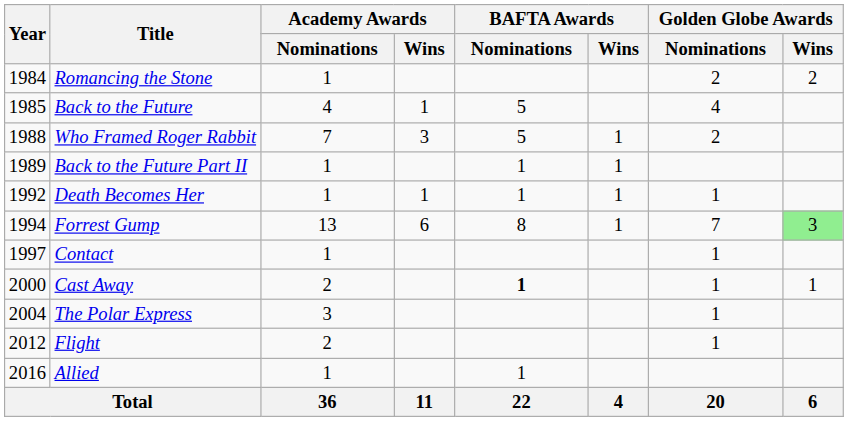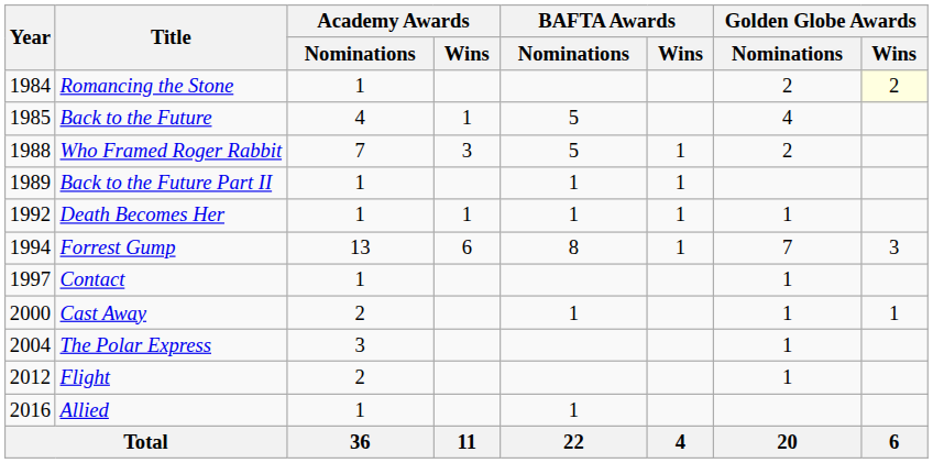 <table class="wikitable">
 <tr>
 <th rowspan="2">Year</th>
 <th rowspan="2">Title</th>
 <th colspan="2" style="text-align:center;" width=160>Academy Awards</th>
 <th colspan="2" style="text-align:center;" width=160>BAFTA Awards</th>
 <th colspan="2" style="text-align:center;" width=160>Golden Globe Awards</th>
 </tr>
 <tr>
 <th>Nominations</th>
 <th>Wins</th>
 <th>Nominations</th>
 <th>Wins</th>
 <th>Nominations</th>
 <th>Wins</th>
 </tr>
 <tr>
 <td>1984</td>
 <td><em><a href='#'>Romancing the Stone</a></em></td>
 <td align=center>1</td>
 <td></td>
 <td></td>
 <td></td>
 <td align=center>2</td>
-<td align=center>2</td>
+<td align=center style="background: lightyellow;">2</td>
 </tr>
 <tr>
 <td>1985</td>
 <td><em><a href='#'>Back to the Future</a></em></td>
 <td align=center>4</td>
 <td align=center>1</td>
 <td align=center>5</td>
 <td></td>
 <td align=center>4</td>
 <td></td>
 </tr>
 <tr>
 <td>1988</td>
 <td><em><a href='#'>Who Framed Roger Rabbit</a></em></td>
 <td align=center>7</td>
 <td align=center>3</td>
 <td align=center>5</td>
 <td align=center>1</td>
 <td align=center>2</td>
 <td></td>
 </tr>
 <tr>
 <td>1989</td>
 <td><em><a href='#'>Back to the Future Part II</a></em></td>
 <td align=center>1</td>
 <td></td>
 <td align=center>1</td>
 <td align=center>1</td>
 <td></td>
 <td></td>
 </tr>
 <tr>
 <td>1992</td>
 <td><em><a href='#'>Death Becomes Her</a></em></td>
 <td align=center>1</td>
 <td align=center>1</td>
 <td align=center>1</td>
 <td align=center>1</td>
 <td align=center>1</td>
 <td></td>
 </tr>
 <tr>
 <td>1994</td>
 <td><em><a href='#'>Forrest Gump</a></em></td>
 <td align=center>13</td>
 <td align=center>6</td>
 <td align=center>8</td>
 <td align=center>1</td>
 <td align=center>7</td>
-<td align=center style="background: lightgreen;">3</td>
+<td align=center>3</td>
 </tr>
 <tr>
 <td>1997</td>
 <td><em><a href='#'>Contact</a></em></td>
 <td align=center>1</td>
 <td></td>
 <td></td>
 <td></td>
 <td align=center>1</td>
 <td></td>
 </tr>
 <tr>
 <td>2000</td>
 <td><em><a href='#'>Cast Away</a></em></td>
 <td align=center>2</td>
 <td></td>
-<td align=center><strong>1</strong></td>
+<td align=center>1</td>
 <td></td>
 <td align=center>1</td>
 <td align=center>1</td>
 </tr>
 <tr>
 <td>2004</td>
 <td><em><a href='#'>The Polar Express</a></em></td>
 <td align=center>3</td>
 <td></td>
 <td></td>
 <td></td>
 <td align=center>1</td>
 <td></td>
 </tr>
 <tr>
 <td>2012</td>
 <td><em><a href='#'>Flight</a></em></td>
 <td align=center>2</td>
 <td></td>
 <td></td>
 <td></td>
 <td align=center>1</td>
 <td></td>
 </tr>
 <tr>
 <td>2016</td>
 <td><em><a href='#'>Allied</a></em></td>
 <td align=center>1</td>
 <td></td>
 <td align=center>1</td>
 <td></td>
 <td></td>
 <td></td>
 </tr>
 <tr>
 <th colspan="2">Total</th>
 <th align=center>36</th>
 <th align=center>11</th>
 <th align=center>22</th>
 <th align=center>4</th>
 <th align=center>20</th>
 <th align=center>6</th>
 </tr>
 </table>
